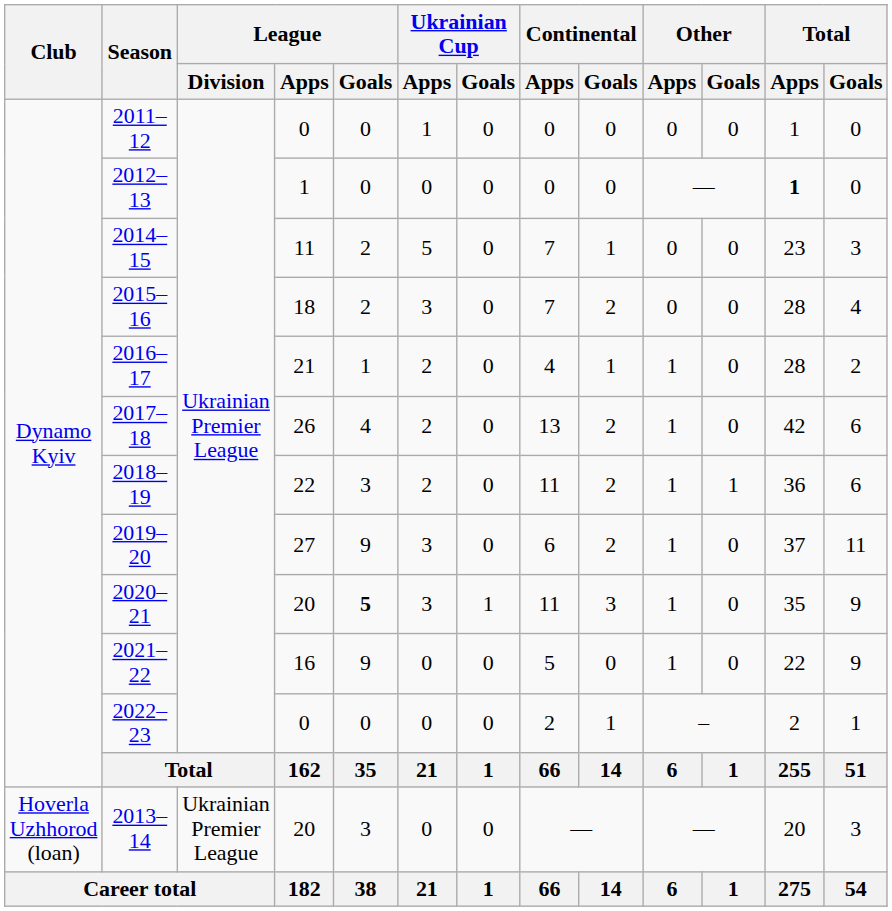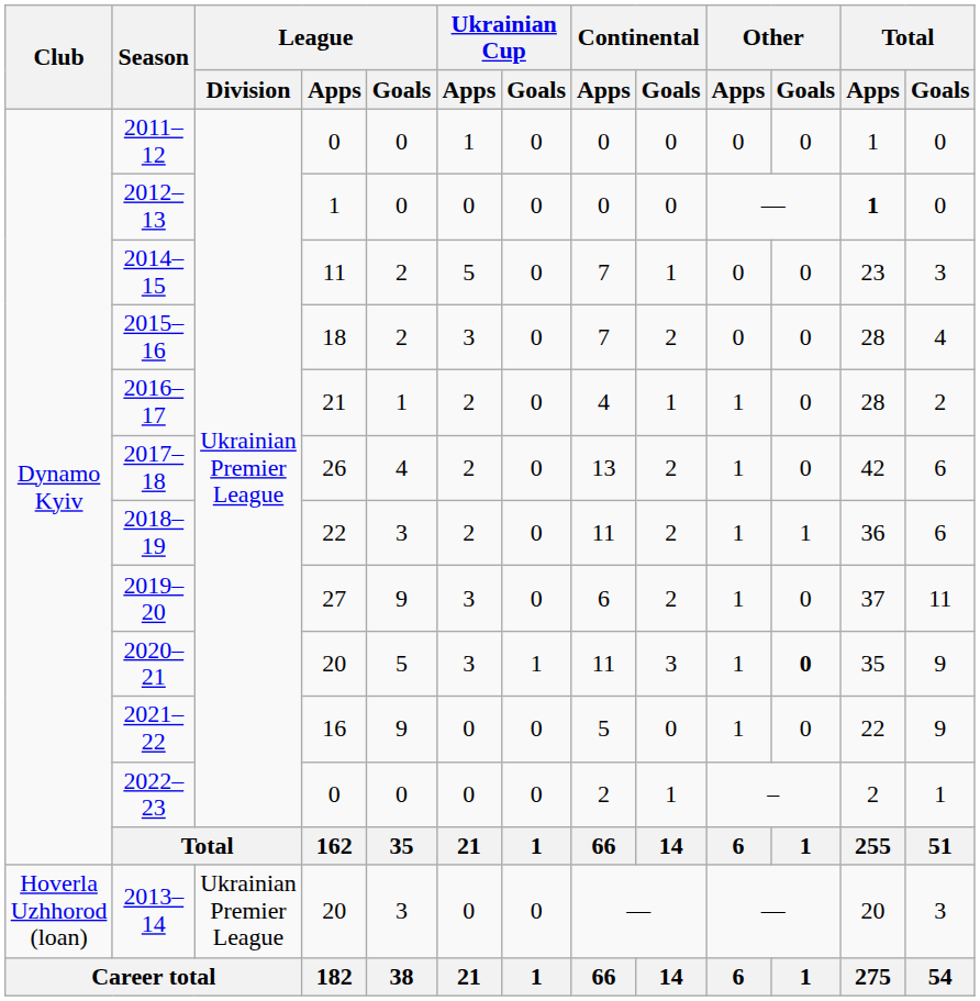 <table class="wikitable" style="text-align: center">
 <tr>
 <th rowspan="2">Club</th>
 <th rowspan="2">Season</th>
 <th colspan="3">League</th>
 <th colspan="2"><a href='#'>Ukrainian Cup</a></th>
 <th colspan="2">Continental</th>
 <th colspan="2">Other</th>
 <th colspan="2">Total</th>
 </tr>
 <tr>
 <th>Division</th>
 <th>Apps</th>
 <th>Goals</th>
 <th>Apps</th>
 <th>Goals</th>
 <th>Apps</th>
 <th>Goals</th>
 <th>Apps</th>
 <th>Goals</th>
 <th>Apps</th>
 <th>Goals</th>
 </tr>
 <tr>
 <td rowspan="12"><a href='#'>Dynamo Kyiv</a></td>
 <td><a href='#'>2011–12</a></td>
 <td rowspan="11"><a href='#'>Ukrainian Premier League</a></td>
 <td>0</td>
 <td>0</td>
 <td>1</td>
 <td>0</td>
 <td>0</td>
 <td>0</td>
 <td>0</td>
 <td>0</td>
 <td>1</td>
 <td>0</td>
 </tr>
 <tr>
 <td><a href='#'>2012–13</a></td>
 <td>1</td>
 <td>0</td>
 <td>0</td>
 <td>0</td>
 <td>0</td>
 <td>0</td>
 <td colspan="2">—</td>
 <td><strong>1</strong></td>
 <td>0</td>
 </tr>
 <tr>
 <td><a href='#'>2014–15</a></td>
 <td>11</td>
 <td>2</td>
 <td>5</td>
 <td>0</td>
 <td>7</td>
 <td>1</td>
 <td>0</td>
 <td>0</td>
 <td>23</td>
 <td>3</td>
 </tr>
 <tr>
 <td><a href='#'>2015–16</a></td>
 <td>18</td>
 <td>2</td>
 <td>3</td>
 <td>0</td>
 <td>7</td>
 <td>2</td>
 <td>0</td>
 <td>0</td>
 <td>28</td>
 <td>4</td>
 </tr>
 <tr>
 <td><a href='#'>2016–17</a></td>
 <td>21</td>
 <td>1</td>
 <td>2</td>
 <td>0</td>
 <td>4</td>
 <td>1</td>
 <td>1</td>
 <td>0</td>
 <td>28</td>
 <td>2</td>
 </tr>
 <tr>
 <td><a href='#'>2017–18</a></td>
 <td>26</td>
 <td>4</td>
 <td>2</td>
 <td>0</td>
 <td>13</td>
 <td>2</td>
 <td>1</td>
 <td>0</td>
 <td>42</td>
 <td>6</td>
 </tr>
 <tr>
 <td><a href='#'>2018–19</a></td>
 <td>22</td>
 <td>3</td>
 <td>2</td>
 <td>0</td>
 <td>11</td>
 <td>2</td>
 <td>1</td>
 <td>1</td>
 <td>36</td>
 <td>6</td>
 </tr>
 <tr>
 <td><a href='#'>2019–20</a></td>
 <td>27</td>
 <td>9</td>
 <td>3</td>
 <td>0</td>
 <td>6</td>
 <td>2</td>
 <td>1</td>
 <td>0</td>
 <td>37</td>
 <td>11</td>
 </tr>
 <tr>
 <td><a href='#'>2020–21</a></td>
 <td>20</td>
-<td><strong>5</strong></td>
+<td>5</td>
 <td>3</td>
 <td>1</td>
 <td>11</td>
 <td>3</td>
 <td>1</td>
-<td>0</td>
+<td><strong>0</strong></td>
 <td>35</td>
 <td>9</td>
 </tr>
 <tr>
 <td><a href='#'>2021–22</a></td>
 <td>16</td>
 <td>9</td>
 <td>0</td>
 <td>0</td>
 <td>5</td>
 <td>0</td>
 <td>1</td>
 <td>0</td>
 <td>22</td>
 <td>9</td>
 </tr>
 <tr>
 <td><a href='#'>2022–23</a></td>
 <td>0</td>
 <td>0</td>
 <td>0</td>
 <td>0</td>
 <td>2</td>
 <td>1</td>
 <td colspan="2">–</td>
 <td>2</td>
 <td>1</td>
 </tr>
 <tr>
 <th colspan="2">Total</th>
 <th>162</th>
 <th>35</th>
 <th>21</th>
 <th>1</th>
 <th>66</th>
 <th>14</th>
 <th>6</th>
 <th>1</th>
 <th>255</th>
 <th>51</th>
 </tr>
 <tr>
 <td><a href='#'>Hoverla Uzhhorod</a> (loan)</td>
 <td><a href='#'>2013–14</a></td>
 <td>Ukrainian Premier League</td>
 <td>20</td>
 <td>3</td>
 <td>0</td>
 <td>0</td>
 <td colspan="2">—</td>
 <td colspan="2">—</td>
 <td>20</td>
 <td>3</td>
 </tr>
 <tr>
 <th colspan="3">Career total</th>
 <th>182</th>
 <th>38</th>
 <th>21</th>
 <th>1</th>
 <th>66</th>
 <th>14</th>
 <th>6</th>
 <th>1</th>
 <th>275</th>
 <th>54</th>
 </tr>
 </table>
